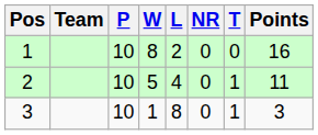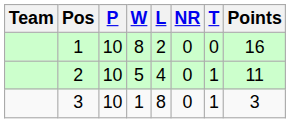 <table class="wikitable">
 <tr>
+<th>Team</th>
 <th>Pos</th>
-<th>Team</th>
 <th><a href='#'>P</a></th>
 <th><a href='#'>W</a></th>
 <th><a href='#'>L</a></th>
 <th><a href='#'>NR</a></th>
 <th><a href='#'>T</a></th>
 <th>Points</th>
 </tr>
 <tr align="center" bgcolor="#ccffcc">
+<td align="left"></td>
 <td>1</td>
-<td align="left"></td>
 <td>10</td>
 <td>8</td>
 <td>2</td>
 <td>0</td>
 <td>0</td>
 <td>16</td>
 </tr>
 <tr align="center" bgcolor="#ccffcc">
+<td align="left"></td>
 <td>2</td>
-<td align="left"></td>
 <td>10</td>
 <td>5</td>
 <td>4</td>
 <td>0</td>
 <td>1</td>
 <td>11</td>
 </tr>
 <tr align="center">
+<td align="left"></td>
 <td>3</td>
-<td align="left"></td>
 <td>10</td>
 <td>1</td>
 <td>8</td>
 <td>0</td>
 <td>1</td>
 <td>3</td>
 </tr>
 </table>
